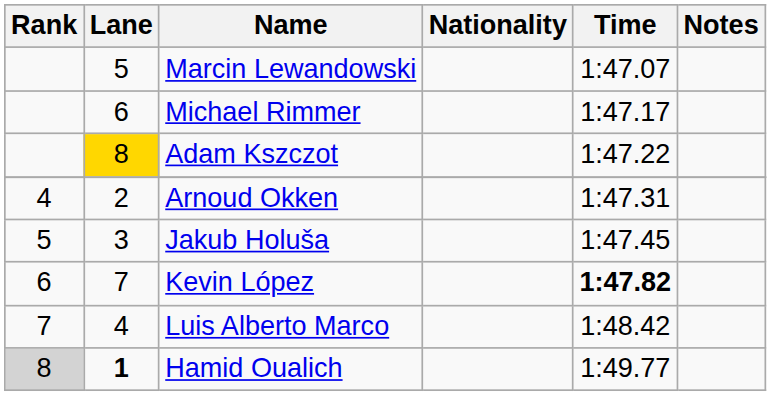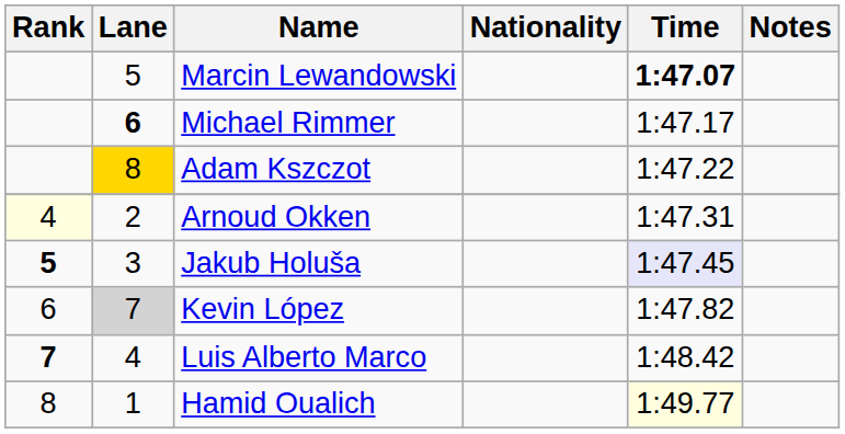 <table class="wikitable sortable" style="text-align:center">
 <tr>
 <th>Rank</th>
 <th>Lane</th>
 <th>Name</th>
 <th>Nationality</th>
 <th>Time</th>
 <th>Notes</th>
 </tr>
 <tr>
 <td></td>
 <td>5</td>
 <td align="left"><a href='#'>Marcin Lewandowski</a></td>
 <td align=left></td>
-<td>1:47.07</td>
+<td><strong>1:47.07</strong></td>
 <td></td>
 </tr>
 <tr>
 <td></td>
-<td>6</td>
+<td><strong>6</strong></td>
 <td align="left"><a href='#'>Michael Rimmer</a></td>
 <td align=left></td>
 <td>1:47.17</td>
 <td></td>
 </tr>
 <tr>
 <td></td>
 <td style="background: gold;">8</td>
 <td align="left"><a href='#'>Adam Kszczot</a></td>
 <td align=left></td>
 <td>1:47.22</td>
 <td></td>
 </tr>
 <tr>
 </tr>
 <tr>
-<td>4</td>
+<td style="background: lightyellow;">4</td>
 <td>2</td>
 <td align="left"><a href='#'>Arnoud Okken</a></td>
 <td align=left></td>
 <td>1:47.31</td>
 <td></td>
 </tr>
 <tr>
-<td>5</td>
+<td><strong>5</strong></td>
 <td>3</td>
 <td align="left"><a href='#'>Jakub Holuša</a></td>
 <td align=left></td>
-<td>1:47.45</td>
+<td style="background: lavender;">1:47.45</td>
 <td></td>
 </tr>
 <tr>
 <td>6</td>
-<td>7</td>
+<td style="background: lightgrey;">7</td>
 <td align="left"><a href='#'>Kevin López</a></td>
 <td align=left></td>
-<td><strong>1:47.82</strong></td>
+<td>1:47.82</td>
 <td></td>
 </tr>
 <tr>
-<td>7</td>
+<td><strong>7</strong></td>
 <td>4</td>
 <td align="left"><a href='#'>Luis Alberto Marco</a></td>
 <td align=left></td>
 <td>1:48.42</td>
 <td></td>
 </tr>
 <tr>
-<td style="background: lightgrey;">8</td>
-<td><strong>1</strong></td>
+<td>8</td>
+<td>1</td>
 <td align="left"><a href='#'>Hamid Oualich</a></td>
 <td align=left></td>
-<td>1:49.77</td>
+<td style="background: lightyellow;">1:49.77</td>
 <td></td>
 </tr>
 </table>
